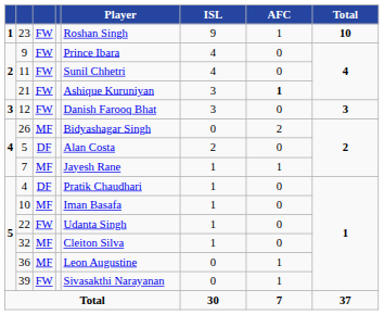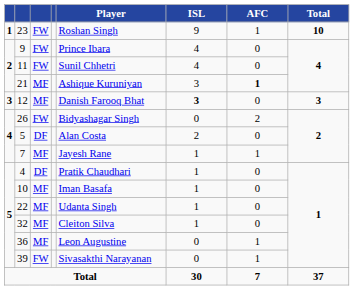 <table class="wikitable" style="font-size: 95%; text-align: center;">
 <tr>
 <th rowspan="1" !width=15 style="background:#2545A0; color:#FFFFFF;"></th>
 <th rowspan="1" !width=15 style="background:#2545A0; color:#FFFFFF;"></th>
 <th rowspan="1" !width=15 style="background:#2545A0; color:#FFFFFF;"></th>
 <th rowspan="1" !width=15 style="background:#2545A0; color:#FFFFFF;"></th>
 <th width=150 style="background:#2545A0; color:#FFFFFF;">Player</th>
 <th width=80 style="background:#2545A0; color:#FFFFFF;">ISL</th>
 <th width=80 style="background:#2545A0; color:#FFFFFF;">AFC</th>
 <th width=80 style="background:#2545A0; color:#FFFFFF;">Total</th>
 </tr>
 <tr>
 <td><strong>1</strong></td>
 <td>23</td>
 <td><a href='#'>FW</a></td>
 <td></td>
 <td align=left><a href='#'>Roshan Singh</a></td>
 <td>9</td>
 <td>1</td>
 <td><strong>10</strong></td>
 </tr>
 <tr>
 <td rowspan=3><strong>2</strong></td>
 <td>9</td>
 <td><a href='#'>FW</a></td>
 <td></td>
 <td align=left><a href='#'>Prince Ibara</a></td>
 <td>4</td>
 <td>0</td>
 <td rowspan=3><strong>4</strong></td>
 </tr>
 <tr>
 <td>11</td>
 <td><a href='#'>FW</a></td>
 <td></td>
 <td align=left><a href='#'>Sunil Chhetri</a></td>
 <td>4</td>
 <td>0</td>
 </tr>
 <tr>
 <td>21</td>
-<td><a href='#'>FW</a></td>
+<td><a href='#'>MF</a></td>
 <td></td>
 <td align=left><a href='#'>Ashique Kuruniyan</a></td>
 <td>3</td>
 <td><strong>1</strong></td>
 </tr>
 <tr>
 <td><strong>3</strong></td>
 <td>12</td>
-<td><a href='#'>FW</a></td>
+<td><a href='#'>MF</a></td>
 <td></td>
 <td align=left><a href='#'>Danish Farooq Bhat</a></td>
-<td>3</td>
+<td><strong>3</strong></td>
 <td>0</td>
 <td><strong>3</strong></td>
 </tr>
 <tr>
 <td rowspan=3><strong>4</strong></td>
 <td>26</td>
-<td><a href='#'>MF</a></td>
+<td><a href='#'>FW</a></td>
 <td></td>
 <td align=left><a href='#'>Bidyashagar Singh</a></td>
 <td>0</td>
 <td>2</td>
 <td rowspan=3><strong>2</strong></td>
 </tr>
 <tr>
 <td>5</td>
 <td><a href='#'>DF</a></td>
 <td></td>
 <td align=left><a href='#'>Alan Costa</a></td>
 <td>2</td>
 <td>0</td>
 </tr>
 <tr>
 <td>7</td>
 <td><a href='#'>MF</a></td>
 <td></td>
 <td align=left><a href='#'>Jayesh Rane</a></td>
 <td>1</td>
 <td>1</td>
 </tr>
 <tr>
 <td rowspan=6><strong>5</strong></td>
 <td>4</td>
 <td><a href='#'>DF</a></td>
 <td></td>
 <td align=left><a href='#'>Pratik Chaudhari</a></td>
 <td>1</td>
 <td>0</td>
 <td rowspan=6><strong>1</strong></td>
 </tr>
 <tr>
 <td>10</td>
 <td><a href='#'>MF</a></td>
 <td></td>
 <td align=left><a href='#'>Iman Basafa</a></td>
 <td>1</td>
 <td>0</td>
 </tr>
 <tr>
 <td>22</td>
-<td><a href='#'>FW</a></td>
+<td><a href='#'>MF</a></td>
 <td></td>
 <td align=left><a href='#'>Udanta Singh</a></td>
 <td>1</td>
 <td>0</td>
 </tr>
 <tr>
 <td>32</td>
 <td><a href='#'>MF</a></td>
 <td></td>
 <td align=left><a href='#'>Cleiton Silva</a></td>
 <td>1</td>
 <td>0</td>
 </tr>
 <tr>
 <td>36</td>
 <td><a href='#'>MF</a></td>
 <td></td>
 <td align=left><a href='#'>Leon Augustine</a></td>
 <td>0</td>
 <td>1</td>
 </tr>
 <tr>
 <td>39</td>
 <td><a href='#'>FW</a></td>
 <td></td>
 <td align=left><a href='#'>Sivasakthi Narayanan</a></td>
 <td>0</td>
 <td>1</td>
 </tr>
 <tr>
 <td colspan="5"><strong>Total</strong></td>
 <td><strong>30</strong></td>
 <td><strong>7</strong></td>
 <td><strong>37</strong></td>
 </tr>
 </table>
